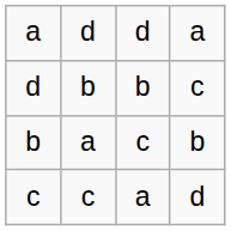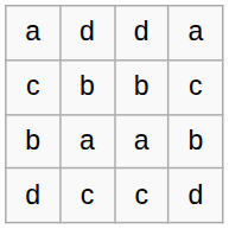 <table class="wikitable" style="margin-left:auto;margin-right:auto;text-align:center;width:8em;height:8em;table-layout:fixed;">
 <tr>
 <td>a</td>
 <td>d</td>
 <td>d</td>
 <td>a</td>
 </tr>
 <tr>
-<td>d</td>
+<td>c</td>
 <td>b</td>
 <td>b</td>
 <td>c</td>
 </tr>
 <tr>
 <td>b</td>
 <td>a</td>
-<td>c</td>
+<td>a</td>
 <td>b</td>
 </tr>
 <tr>
+<td>d</td>
 <td>c</td>
 <td>c</td>
-<td>a</td>
 <td>d</td>
 </tr>
 </table>
